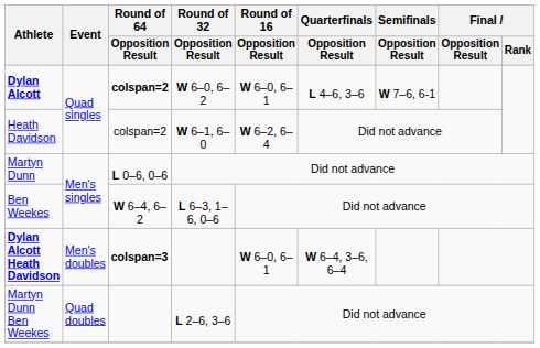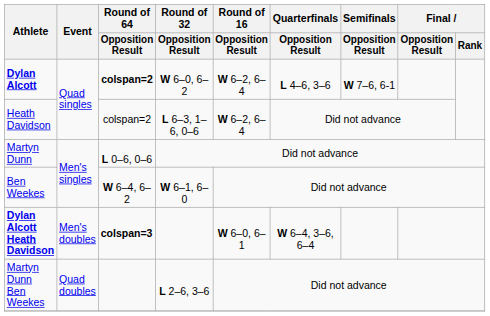 <table class="wikitable" style="font-size:90%;">
 <tr>
 <th rowspan=2>Athlete</th>
 <th rowspan=2>Event</th>
 <th>Round of 64</th>
 <th>Round of 32</th>
 <th>Round of 16</th>
 <th>Quarterfinals</th>
 <th>Semifinals</th>
 <th colspan=2>Final / </th>
 </tr>
 <tr style="font-size:95%">
 <th>Opposition<br>Result</th>
 <th>Opposition<br>Result</th>
 <th>Opposition<br>Result</th>
 <th>Opposition<br>Result</th>
 <th>Opposition<br>Result</th>
 <th>Opposition<br>Result</th>
 <th>Rank</th>
 </tr>
 <tr align=center>
 <td align=left><strong><a href='#'>Dylan Alcott</a></strong></td>
 <td align=left rowspan=2><a href='#'>Quad singles</a></td>
 <td><strong>colspan=2 </strong></td>
 <td align="center"><br><strong>W</strong> 6–0, 6–2</td>
-<td align="center"><br><strong>W</strong> 6–0, 6–1</td>
+<td align="center"><br><strong>W</strong> 6–2, 6–4</td>
 <td align="center"><br><strong>L</strong> 4–6, 3–6</td>
 <td align="center"><br><strong>W</strong> 7–6, 6-1</td>
 <td></td>
 </tr>
 <tr align=center>
 <td align=left><a href='#'>Heath Davidson</a></td>
 <td>colspan=2 </td>
-<td align="center"><br><strong>W</strong> 6–1, 6–0</td>
+<td align="center"><br> <strong>L</strong> 6–3, 1–6, 0–6</td>
 <td align="center"><br><strong>W</strong> 6–2, 6–4</td>
 <td align="center" colspan=3>Did not advance</td>
 </tr>
 <tr align=center>
 <td align=left><a href='#'>Martyn Dunn</a></td>
 <td align=left rowspan=2><a href='#'>Men's singles</a></td>
 <td align="center"><br><strong>L</strong> 0–6, 0–6</td>
 <td align="center" colspan=6>Did not advance</td>
 </tr>
 <tr align=center>
 <td align=left><a href='#'>Ben Weekes</a></td>
 <td align="center"><br><strong>W</strong> 6–4, 6–2</td>
-<td align="center"><br> <strong>L</strong> 6–3, 1–6, 0–6</td>
+<td align="center"><br><strong>W</strong> 6–1, 6–0</td>
 <td align="center" colspan=5>Did not advance</td>
 </tr>
 <tr>
 <td><strong><a href='#'>Dylan Alcott</a><br><a href='#'>Heath Davidson</a></strong></td>
 <td><a href='#'>Men's doubles</a></td>
 <td><strong>colspan=3 </strong></td>
 <td></td>
 <td align="center"><br><strong>W</strong> 6–0, 6–1</td>
 <td align="center"><br><strong>W</strong> 6–4, 3–6, 6–4</td>
 <td></td>
 </tr>
 <tr>
 <td><a href='#'>Martyn Dunn</a><br><a href='#'>Ben Weekes</a></td>
 <td><a href='#'>Quad doubles</a></td>
 <td></td>
 <td align="center"><br><strong>L</strong> 2–6, 3–6</td>
 <td align="center" colspan=5>Did not advance</td>
 </tr>
 <tr>
 </tr>
 </table>
